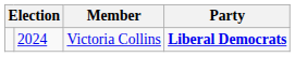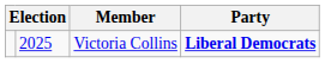 <table class="wikitable">
 <tr>
 <th colspan="2">Election</th>
 <th>Member</th>
 <th>Party</th>
 </tr>
 <tr>
 <td style="color:inherit;background-color: "></td>
-<td><a href='#'>2024</a></td>
+<td><a href='#'>2025</a></td>
 <td><a href='#'>Victoria Collins</a></td>
 <td><strong><a href='#'>Liberal Democrats</a></strong></td>
 </tr>
 </table>
